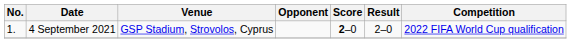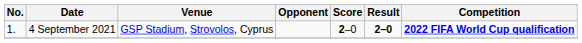 <table class="wikitable">
 <tr>
 <th>No.</th>
 <th>Date</th>
 <th>Venue</th>
 <th>Opponent</th>
 <th>Score</th>
 <th>Result</th>
 <th>Competition</th>
 </tr>
 <tr>
 <td>1.</td>
 <td>4 September 2021</td>
 <td><a href='#'>GSP Stadium</a>, <a href='#'>Strovolos</a>, Cyprus</td>
 <td></td>
 <td align=center><strong>2</strong>–0</td>
-<td align=center>2–0</td>
-<td><a href='#'>2022 FIFA World Cup qualification</a></td>
+<td align=center><strong>2–0</strong></td>
+<td><strong><a href='#'>2022 FIFA World Cup qualification</a></strong></td>
 </tr>
 <tr>
 </tr>
 </table>
